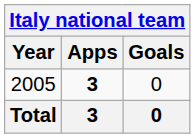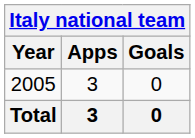 <table class="wikitable" style="text-align:center">
 <tr>
 <th colspan=4><a href='#'>Italy national team</a></th>
 </tr>
 <tr>
 <th>Year</th>
 <th>Apps</th>
 <th>Goals</th>
 </tr>
 <tr>
 <td>2005</td>
-<td><strong>3</strong></td>
+<td>3</td>
 <td>0</td>
 </tr>
 <tr>
 <th>Total</th>
 <th>3</th>
 <th>0</th>
 </tr>
 </table>
